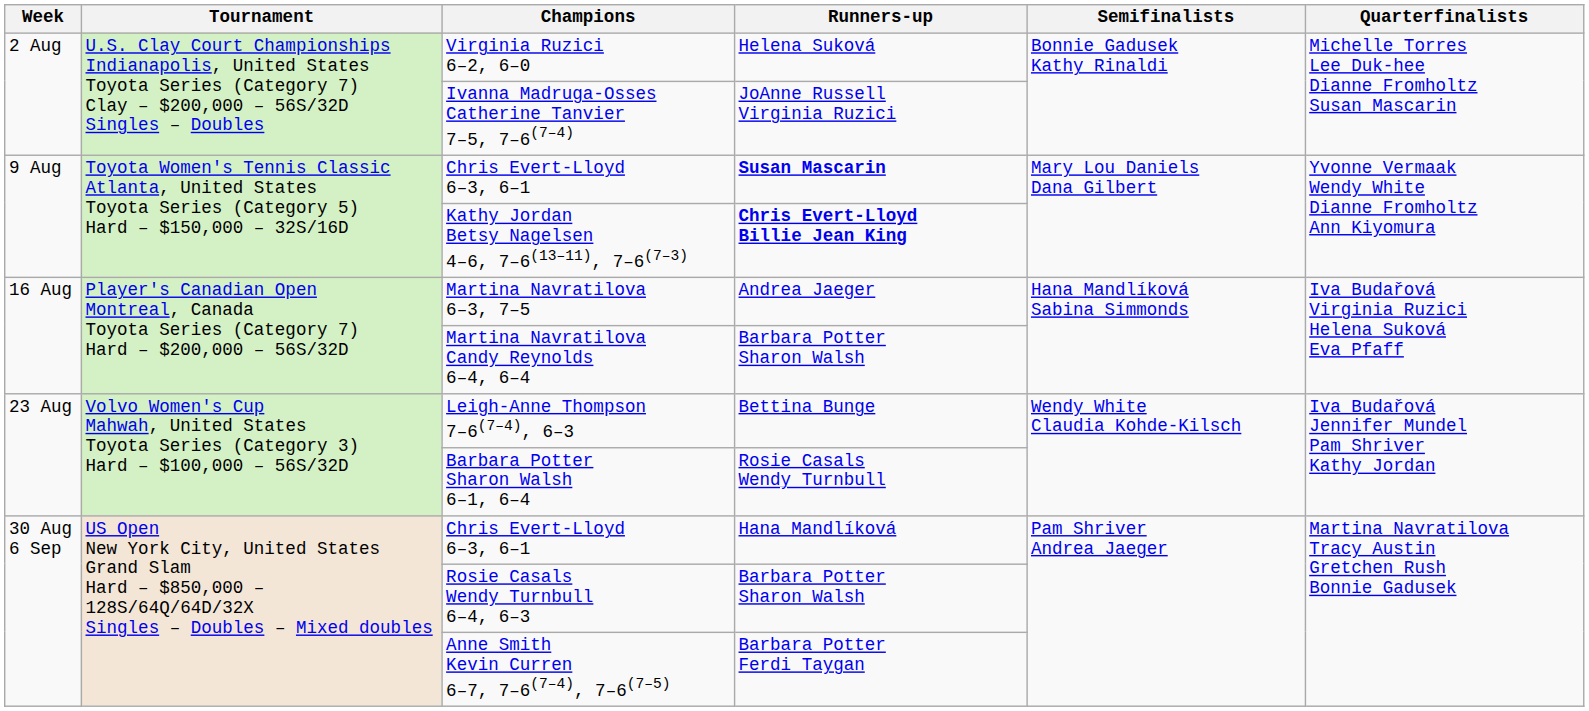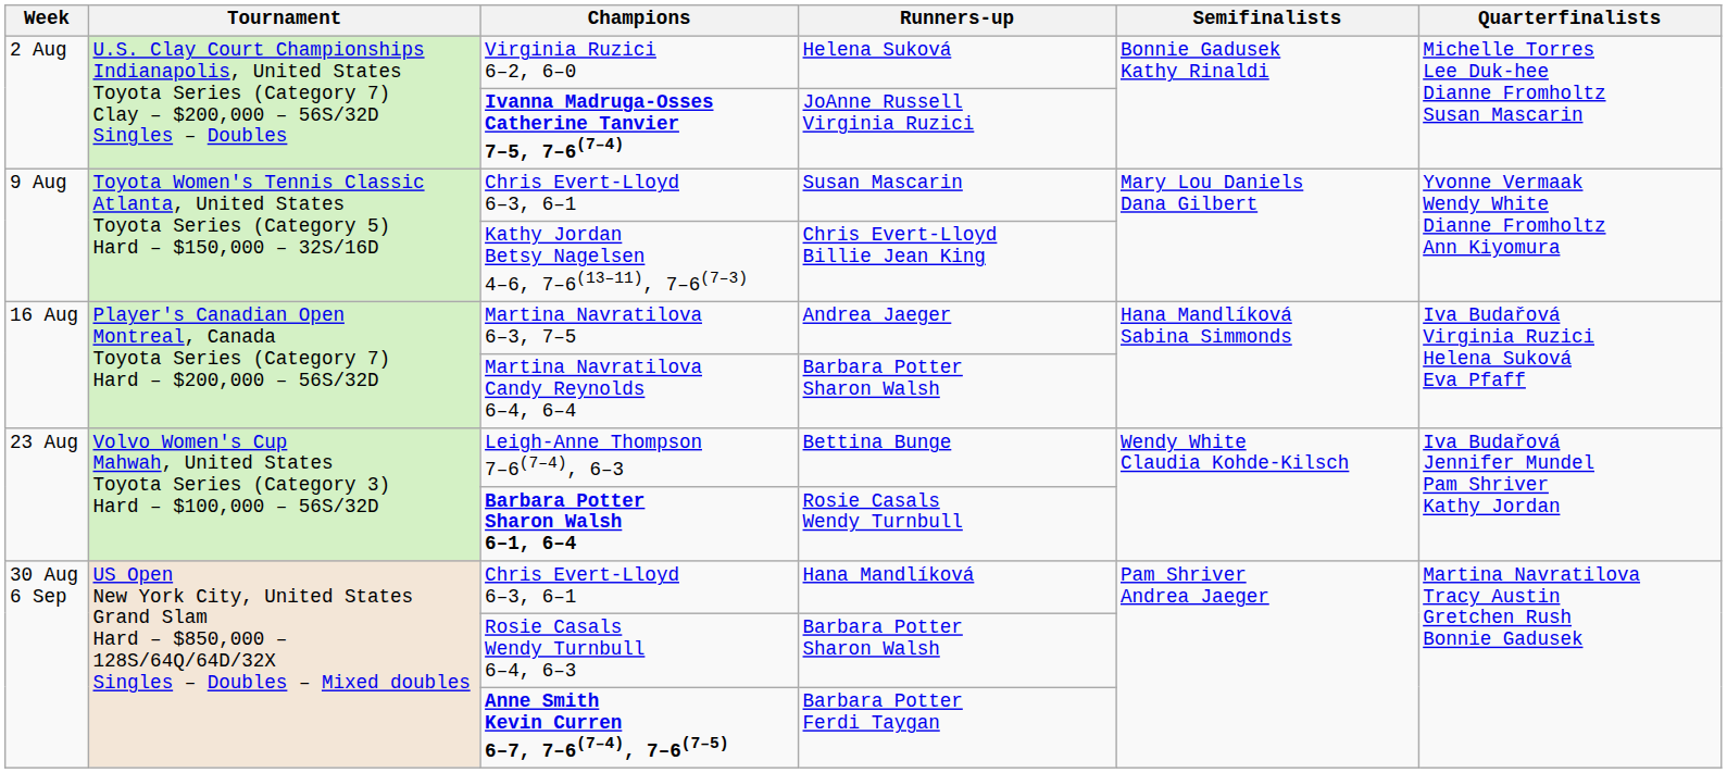 <table class=wikitable style=font-size:95%>
 <tr>
 <th style="width:48px;">Week</th>
 <th style="width:248px;">Tournament</th>
 <th style="width:200px;">Champions</th>
 <th style="width:200px;">Runners-up</th>
 <th style="width:190px;">Semifinalists</th>
 <th style="width:190px;">Quarterfinalists</th>
 </tr>
 <tr valign="top">
 <td rowspan=2>2 Aug</td>
 <td rowspan=2 bgcolor=#D4F1C5><a href='#'>U.S. Clay Court Championships</a><br> <a href='#'>Indianapolis</a>, United States<br>Toyota Series (Category 7)<br>Clay – $200,000 – 56S/32D <br><a href='#'>Singles</a> – <a href='#'>Doubles</a></td>
 <td> <a href='#'>Virginia Ruzici</a><br>6–2, 6–0</td>
 <td> <a href='#'>Helena Suková</a></td>
 <td rowspan=2> <a href='#'>Bonnie Gadusek</a><br> <a href='#'>Kathy Rinaldi</a><br></td>
 <td rowspan=2> <a href='#'>Michelle Torres</a><br> <a href='#'>Lee Duk-hee</a><br>  <a href='#'>Dianne Fromholtz</a><br> <a href='#'>Susan Mascarin</a><br></td>
 </tr>
 <tr valign="top">
-<td> <a href='#'>Ivanna Madruga-Osses</a><br> <a href='#'>Catherine Tanvier</a><br> 7–5, 7–6<sup>(7–4)</sup></td>
+<td><strong> <a href='#'>Ivanna Madruga-Osses</a><br> <a href='#'>Catherine Tanvier</a><br> 7–5, 7–6<sup>(7–4)</sup></strong></td>
 <td> <a href='#'>JoAnne Russell</a><br> <a href='#'>Virginia Ruzici</a></td>
 </tr>
 <tr valign="top">
 <td rowspan=2>9 Aug</td>
 <td rowspan=2 bgcolor=#D4F1C5><a href='#'>Toyota Women's Tennis Classic</a><br> <a href='#'>Atlanta</a>, United States<br>Toyota Series (Category 5)<br>Hard – $150,000 – 32S/16D</td>
 <td> <a href='#'>Chris Evert-Lloyd</a><br>6–3, 6–1</td>
-<td><strong> <a href='#'>Susan Mascarin</a></strong></td>
+<td> <a href='#'>Susan Mascarin</a></td>
 <td rowspan=2> <a href='#'>Mary Lou Daniels</a><br> <a href='#'>Dana Gilbert</a><br></td>
 <td rowspan=2> <a href='#'>Yvonne Vermaak</a> <br> <a href='#'>Wendy White</a><br>  <a href='#'>Dianne Fromholtz</a><br> <a href='#'>Ann Kiyomura</a></td>
 </tr>
 <tr valign="top">
 <td> <a href='#'>Kathy Jordan</a><br> <a href='#'>Betsy Nagelsen</a><br> 4–6, 7–6<sup>(13–11)</sup>, 7–6<sup>(7–3)</sup></td>
-<td><strong> <a href='#'>Chris Evert-Lloyd</a><br> <a href='#'>Billie Jean King</a></strong></td>
+<td> <a href='#'>Chris Evert-Lloyd</a><br> <a href='#'>Billie Jean King</a></td>
 </tr>
 <tr valign="top">
 <td rowspan=2>16 Aug</td>
 <td rowspan=2 bgcolor=#D4F1C5><a href='#'>Player's Canadian Open</a><br> <a href='#'>Montreal</a>, Canada<br>Toyota Series (Category 7)<br>Hard – $200,000 – 56S/32D</td>
 <td> <a href='#'>Martina Navratilova</a><br>6–3, 7–5</td>
 <td> <a href='#'>Andrea Jaeger</a></td>
 <td rowspan=2> <a href='#'>Hana Mandlíková</a><br> <a href='#'>Sabina Simmonds</a></td>
 <td rowspan=2> <a href='#'>Iva Budařová</a><br> <a href='#'>Virginia Ruzici</a><br>  <a href='#'>Helena Suková</a><br> <a href='#'>Eva Pfaff</a></td>
 </tr>
 <tr valign="top">
 <td> <a href='#'>Martina Navratilova</a><br> <a href='#'>Candy Reynolds</a><br> 6–4, 6–4</td>
 <td> <a href='#'>Barbara Potter</a><br> <a href='#'>Sharon Walsh</a></td>
 </tr>
 <tr valign=top>
 <td rowspan=2>23 Aug</td>
 <td rowspan=2 bgcolor=#D4F1C5><a href='#'>Volvo Women's Cup</a><br> <a href='#'>Mahwah</a>, United States<br>Toyota Series (Category 3)<br>Hard – $100,000 – 56S/32D</td>
 <td> <a href='#'>Leigh-Anne Thompson</a><br>7–6<sup>(7–4)</sup>, 6–3</td>
 <td> <a href='#'>Bettina Bunge</a></td>
 <td rowspan=2> <a href='#'>Wendy White</a><br> <a href='#'>Claudia Kohde-Kilsch</a></td>
 <td rowspan=2> <a href='#'>Iva Budařová</a><br> <a href='#'>Jennifer Mundel</a><br>  <a href='#'>Pam Shriver</a> <br> <a href='#'>Kathy Jordan</a></td>
 </tr>
 <tr valign="top">
-<td> <a href='#'>Barbara Potter</a><br> <a href='#'>Sharon Walsh</a><br> 6–1, 6–4</td>
+<td><strong> <a href='#'>Barbara Potter</a><br> <a href='#'>Sharon Walsh</a><br> 6–1, 6–4</strong></td>
 <td> <a href='#'>Rosie Casals</a><br> <a href='#'>Wendy Turnbull</a></td>
 </tr>
 <tr valign=top>
 <td rowspan=3>30 Aug<br>6 Sep</td>
 <td rowspan=3 style="background:#F3E6D7;"><a href='#'>US Open</a><br> New York City, United States<br>Grand Slam<br>Hard – $850,000 – 128S/64Q/64D/32X <br><a href='#'>Singles</a> – <a href='#'>Doubles</a> – <a href='#'>Mixed doubles</a></td>
 <td> <a href='#'>Chris Evert-Lloyd</a> <br>6–3, 6–1</td>
 <td> <a href='#'>Hana Mandlíková</a></td>
 <td rowspan=3> <a href='#'>Pam Shriver</a> <br> <a href='#'>Andrea Jaeger</a> <br></td>
 <td rowspan=3> <a href='#'>Martina Navratilova</a> <br> <a href='#'>Tracy Austin</a><br>  <a href='#'>Gretchen Rush</a> <br> <a href='#'>Bonnie Gadusek</a></td>
 </tr>
 <tr valign="top">
 <td> <a href='#'>Rosie Casals</a><br> <a href='#'>Wendy Turnbull</a> <br> 6–4, 6–3</td>
 <td> <a href='#'>Barbara Potter</a><br> <a href='#'>Sharon Walsh</a></td>
 </tr>
 <tr valign="top">
-<td> <a href='#'>Anne Smith</a><br> <a href='#'>Kevin Curren</a> <br>6–7, 7–6<sup>(7–4)</sup>, 7–6<sup>(7–5)</sup></td>
+<td><strong> <a href='#'>Anne Smith</a><br> <a href='#'>Kevin Curren</a> <br>6–7, 7–6<sup>(7–4)</sup>, 7–6<sup>(7–5)</sup></strong></td>
 <td> <a href='#'>Barbara Potter</a><br>  <a href='#'>Ferdi Taygan</a></td>
 </tr>
 </table>
